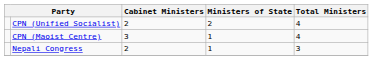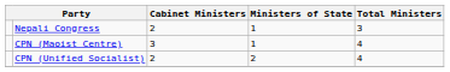 <table class="wikitable">
 <tr>
 <th colspan="2">Party</th>
 <th>Cabinet Ministers</th>
 <th>Ministers of State</th>
 <th>Total Ministers</th>
 </tr>
 <tr>
 <td width="4px"></td>
-<td><a href='#'>CPN (Unified Socialist)</a></td>
+<td><a href='#'>Nepali Congress</a></td>
 <td>2</td>
-<td>2</td>
-<td>4</td>
+<td>1</td>
+<td>3</td>
 </tr>
 <tr>
 <td width="4px"></td>
 <td><a href='#'>CPN (Maoist Centre)</a></td>
 <td>3</td>
 <td>1</td>
 <td>4</td>
 </tr>
 <tr>
 <td width="4px"></td>
-<td><a href='#'>Nepali Congress</a></td>
+<td><a href='#'>CPN (Unified Socialist)</a></td>
 <td>2</td>
-<td>1</td>
-<td>3</td>
+<td>2</td>
+<td>4</td>
 </tr>
 <tr>
 </tr>
 </table>
